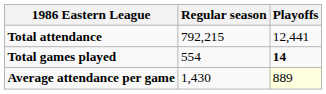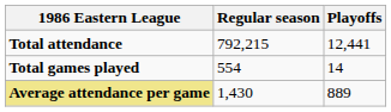 <table class="wikitable" border="1">
 <tr>
 <th>1986 Eastern League</th>
 <th>Regular season</th>
 <th>Playoffs</th>
 </tr>
 <tr>
 <td><strong>Total attendance</strong></td>
 <td>792,215</td>
 <td>12,441</td>
 </tr>
 <tr>
 <td><strong>Total games played</strong></td>
 <td>554</td>
-<td><strong>14</strong></td>
+<td>14</td>
 </tr>
 <tr>
-<td><strong>Average attendance per game</strong></td>
+<td style="background: khaki;"><strong>Average attendance per game</strong></td>
 <td>1,430</td>
-<td style="background: lightyellow;">889</td>
+<td>889</td>
 </tr>
 </table>
